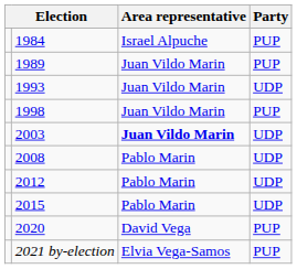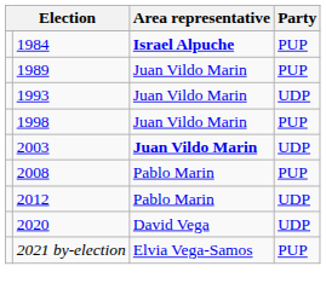 <table class="wikitable">
 <tr>
 <th colspan="2">Election</th>
 <th>Area representative</th>
 <th>Party</th>
 </tr>
 <tr>
 <td style="background-color: "></td>
 <td><a href='#'>1984</a></td>
-<td><a href='#'>Israel Alpuche</a></td>
+<td><strong><a href='#'>Israel Alpuche</a></strong></td>
 <td><a href='#'>PUP</a></td>
 </tr>
 <tr>
 <td style="background-color: "></td>
 <td><a href='#'>1989</a></td>
 <td><a href='#'>Juan Vildo Marin</a></td>
 <td><a href='#'>PUP</a></td>
 </tr>
 <tr>
 <td style="background-color: "></td>
 <td><a href='#'>1993</a></td>
 <td><a href='#'>Juan Vildo Marin</a></td>
 <td><a href='#'>UDP</a></td>
 </tr>
 <tr>
 <td style="background-color: "></td>
 <td><a href='#'>1998</a></td>
 <td><a href='#'>Juan Vildo Marin</a></td>
 <td><a href='#'>PUP</a></td>
 </tr>
 <tr>
 <td style="background-color: "></td>
 <td><a href='#'>2003</a></td>
 <td><strong><a href='#'>Juan Vildo Marin</a></strong></td>
 <td><a href='#'>UDP</a></td>
 </tr>
 <tr>
 <td style="background-color: "></td>
 <td><a href='#'>2008</a></td>
 <td><a href='#'>Pablo Marin</a></td>
-<td><a href='#'>UDP</a></td>
+<td><a href='#'>PUP</a></td>
 </tr>
 <tr>
 <td style="background-color: "></td>
 <td><a href='#'>2012</a></td>
 <td><a href='#'>Pablo Marin</a></td>
 <td><a href='#'>UDP</a></td>
 </tr>
 <tr>
 <td style="background-color: "></td>
-<td><a href='#'>2015</a></td>
-<td><a href='#'>Pablo Marin</a></td>
-<td><a href='#'>UDP</a></td>
-</tr>
-<tr>
-<td style="background-color: "></td>
 <td><a href='#'>2020</a></td>
 <td><a href='#'>David Vega</a></td>
-<td><a href='#'>PUP</a></td>
+<td><a href='#'>UDP</a></td>
 </tr>
 <tr>
 <td style="background-color: "></td>
 <td><em>2021 by-election</em></td>
 <td><a href='#'>Elvia Vega-Samos</a></td>
 <td><a href='#'>PUP</a></td>
 </tr>
 </table>
